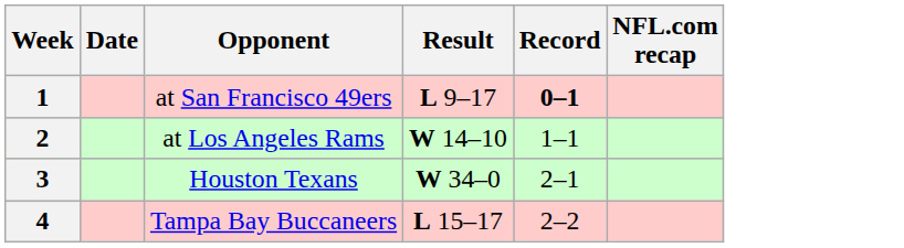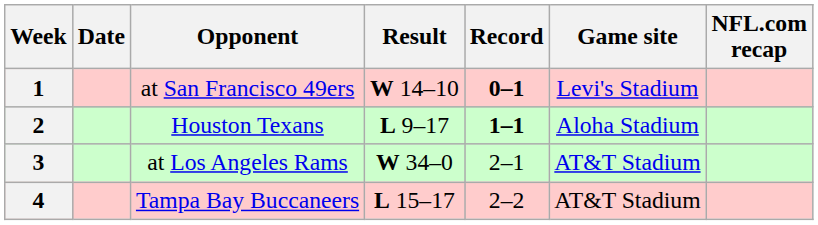 <table class="wikitable" style="text-align:center">
 <tr>
 <th>Week</th>
 <th>Date</th>
 <th>Opponent</th>
 <th>Result</th>
 <th>Record</th>
+<th>Game site</th>
 <th>NFL.com<br>recap</th>
 </tr>
 <tr style="background:#fcc">
 <th>1</th>
 <td></td>
 <td>at <a href='#'>San Francisco 49ers</a></td>
-<td><strong>L</strong> 9–17</td>
+<td><strong>W</strong> 14–10</td>
 <td><strong>0–1</strong></td>
+<td><a href='#'>Levi's Stadium</a></td>
 <td></td>
 </tr>
 <tr style="background:#cfc">
 <th>2</th>
 <td></td>
-<td>at <a href='#'>Los Angeles Rams</a></td>
-<td><strong>W</strong> 14–10</td>
-<td>1–1</td>
+<td><a href='#'>Houston Texans</a></td>
+<td><strong>L</strong> 9–17</td>
+<td><strong>1–1</strong></td>
+<td><a href='#'>Aloha Stadium</a> </td>
 <td></td>
 </tr>
 <tr style="background:#cfc">
 <th>3</th>
 <td></td>
-<td><a href='#'>Houston Texans</a></td>
+<td>at <a href='#'>Los Angeles Rams</a></td>
 <td><strong>W</strong> 34–0</td>
 <td>2–1</td>
+<td><a href='#'>AT&T Stadium</a></td>
 <td></td>
 </tr>
 <tr style="background:#fcc">
 <th>4</th>
 <td></td>
 <td><a href='#'>Tampa Bay Buccaneers</a></td>
 <td><strong>L</strong> 15–17</td>
 <td>2–2</td>
+<td>AT&T Stadium</td>
 <td></td>
 </tr>
 </table>
